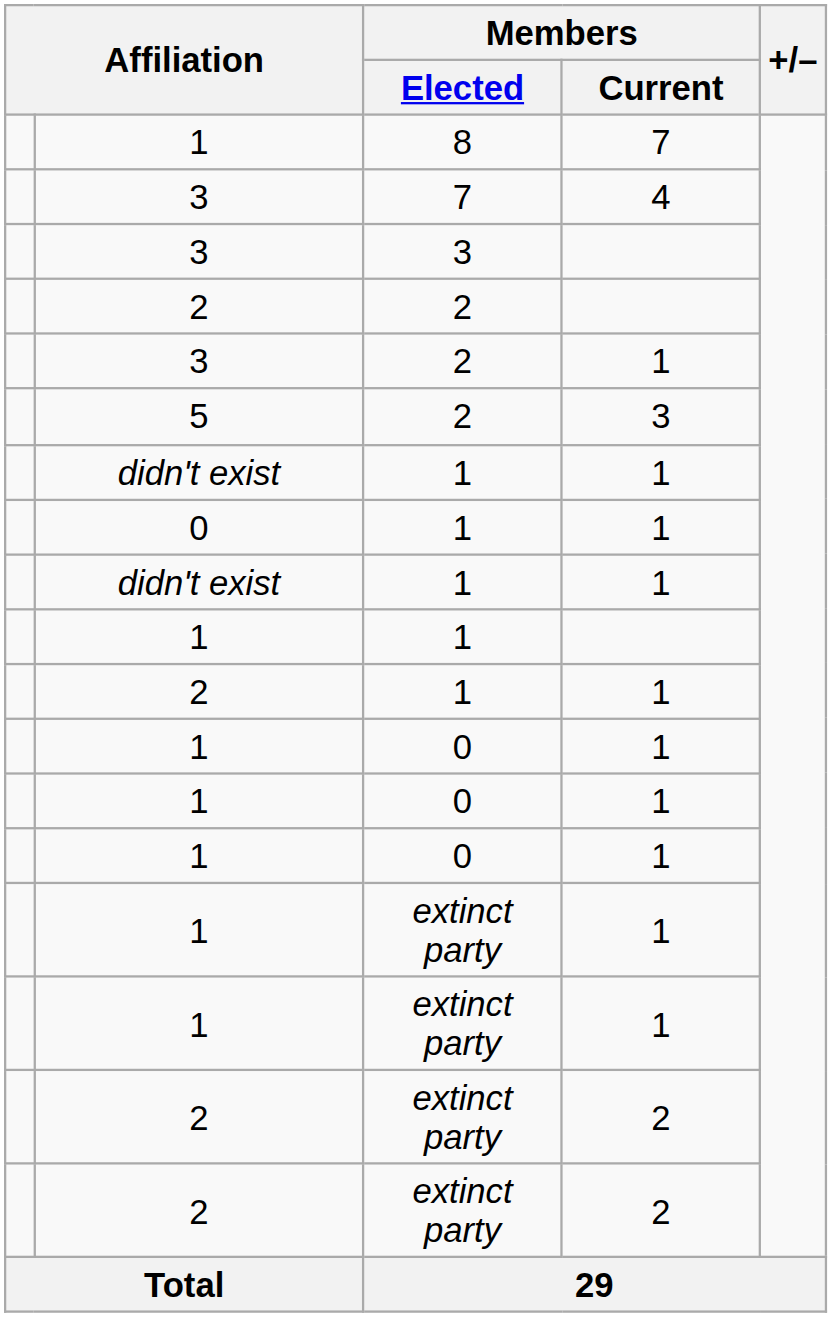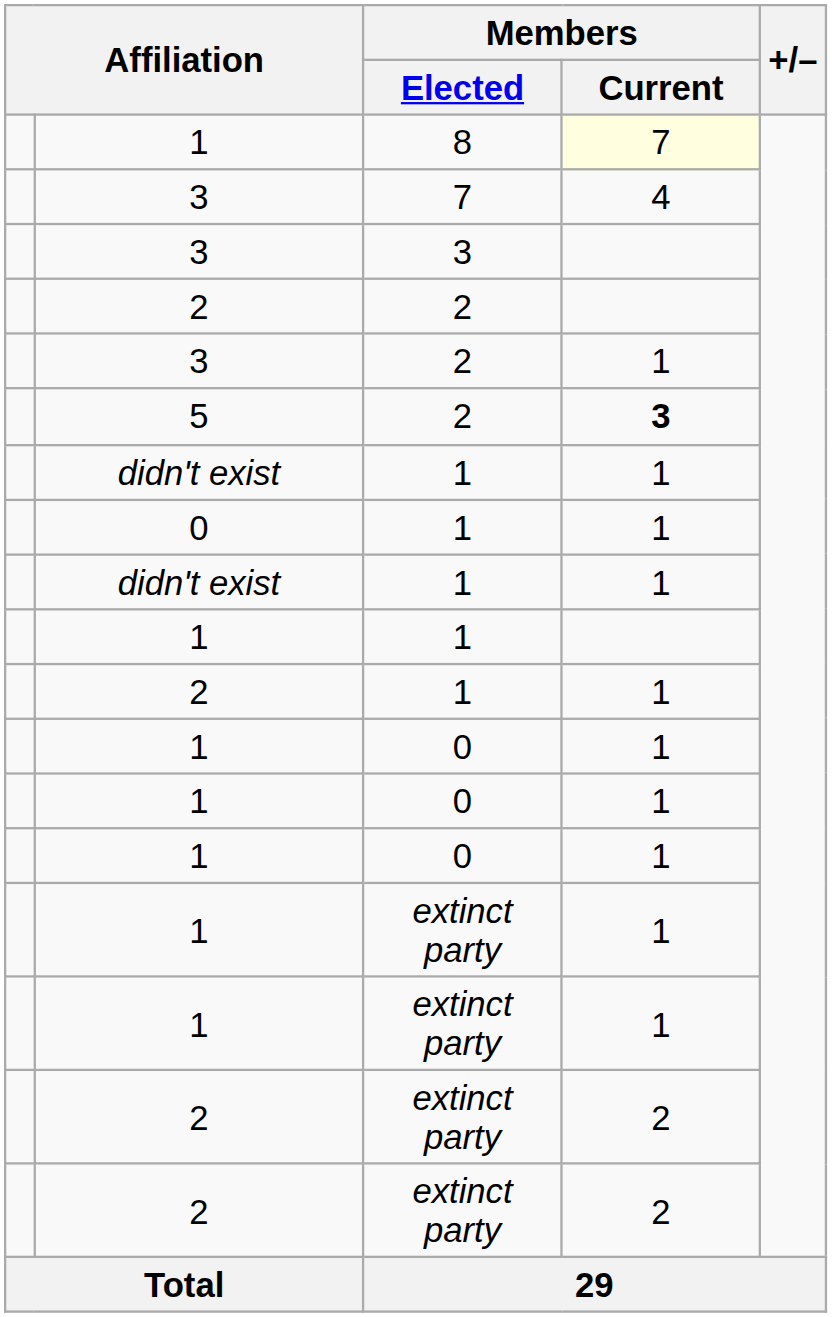 <table class="wikitable" border="1" style="font-size: 95%; text-align: center;">
 <tr>
 <th colspan="2" rowspan="2" class="unsortable" style="text-align: center; vertical-align: middle; width: 150px;">Affiliation</th>
 <th colspan="2" style="vertical-align: top;">Members</th>
 <th rowspan="2">+/–</th>
 </tr>
 <tr>
 <th data-sort-type="number" style="width: 80px;"><a href='#'>Elected</a></th>
 <th style="width: 80px;">Current</th>
 </tr>
 <tr>
 <td></td>
 <td>1</td>
 <td>8</td>
-<td>7</td>
+<td style="background: lightyellow;">7</td>
 </tr>
 <tr>
 <td></td>
 <td>3</td>
 <td>7</td>
 <td>4</td>
 </tr>
 <tr>
 <td></td>
 <td>3</td>
 <td>3</td>
 <td></td>
 </tr>
 <tr>
 <td></td>
 <td>2</td>
 <td>2</td>
 <td></td>
 </tr>
 <tr>
 <td></td>
 <td>3</td>
 <td>2</td>
 <td>1</td>
 </tr>
 <tr>
 <td></td>
 <td>5</td>
 <td>2</td>
-<td>3</td>
+<td><strong>3</strong></td>
 </tr>
 <tr>
 <td></td>
 <td><em>didn't exist</em></td>
 <td>1</td>
 <td>1</td>
 </tr>
 <tr>
 <td></td>
 <td>0</td>
 <td>1</td>
 <td>1</td>
 </tr>
 <tr>
 <td></td>
 <td><em>didn't exist</em></td>
 <td>1</td>
 <td>1</td>
 </tr>
 <tr>
 <td></td>
 <td>1</td>
 <td>1</td>
 <td></td>
 </tr>
 <tr>
 <td></td>
 <td>2</td>
 <td>1</td>
 <td>1</td>
 </tr>
 <tr>
 <td></td>
 <td>1</td>
 <td>0</td>
 <td>1</td>
 </tr>
 <tr>
 <td></td>
 <td>1</td>
 <td>0</td>
 <td>1</td>
 </tr>
 <tr>
 <td></td>
 <td>1</td>
 <td>0</td>
 <td>1</td>
 </tr>
 <tr>
 <td></td>
 <td>1</td>
 <td><em>extinct party</em></td>
 <td>1</td>
 </tr>
 <tr>
 <td></td>
 <td>1</td>
 <td><em>extinct party</em></td>
 <td>1</td>
 </tr>
 <tr>
 <td></td>
 <td>2</td>
 <td><em>extinct party</em></td>
 <td>2</td>
 </tr>
 <tr>
 <td></td>
 <td>2</td>
 <td><em>extinct party</em></td>
 <td>2</td>
 </tr>
 <tr>
 <th colspan="2">Total</th>
 <th colspan="3">29</th>
 </tr>
 </table>
